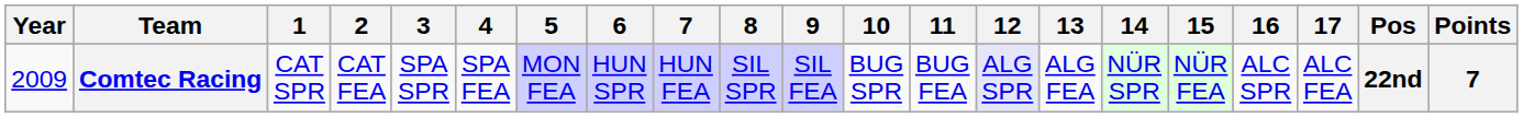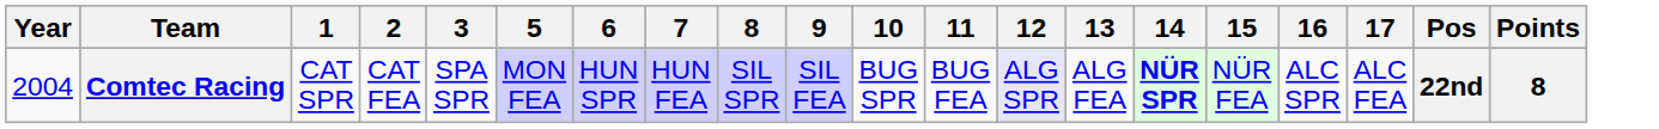 <table class="wikitable" style="text-align:center; font-size:85%">
 <tr>
 <th>Year</th>
 <th>Team</th>
 <th>1</th>
 <th>2</th>
 <th>3</th>
-<th>4</th>
 <th>5</th>
 <th>6</th>
 <th>7</th>
 <th>8</th>
 <th>9</th>
 <th>10</th>
 <th>11</th>
 <th>12</th>
 <th>13</th>
 <th>14</th>
 <th>15</th>
 <th>16</th>
 <th>17</th>
 <th>Pos</th>
 <th>Points</th>
 </tr>
 <tr>
-<td><a href='#'>2009</a></td>
+<td><a href='#'>2004</a></td>
 <th nowrap><a href='#'>Comtec Racing</a></th>
 <td><a href='#'>CAT<br>SPR</a></td>
 <td><a href='#'>CAT<br>FEA</a></td>
 <td><a href='#'>SPA<br>SPR</a></td>
-<td><a href='#'>SPA<br>FEA</a></td>
 <td style="background:#CFCFFF"><a href='#'>MON<br>FEA</a><br></td>
 <td style="background:#CFCFFF"><a href='#'>HUN<br>SPR</a><br></td>
 <td style="background:#CFCFFF"><a href='#'>HUN<br>FEA</a><br></td>
 <td style="background:#CFCFFF"><a href='#'>SIL<br>SPR</a><br></td>
 <td style="background:#CFCFFF"><a href='#'>SIL<br>FEA</a><br></td>
 <td><a href='#'>BUG<br>SPR</a></td>
 <td><a href='#'>BUG<br>FEA</a></td>
 <td style="background: lavender;"><a href='#'>ALG<br>SPR</a></td>
 <td><a href='#'>ALG<br>FEA</a></td>
-<td style="background:#dfffdf"><a href='#'>NÜR<br>SPR</a><br></td>
+<td style="background:#dfffdf"><strong><a href='#'>NÜR<br>SPR</a><br></strong></td>
 <td style="background:#dfffdf"><a href='#'>NÜR<br>FEA</a><br></td>
 <td><a href='#'>ALC<br>SPR</a></td>
 <td><a href='#'>ALC<br>FEA</a></td>
 <th>22nd</th>
-<th>7</th>
+<th>8</th>
 </tr>
 </table>
